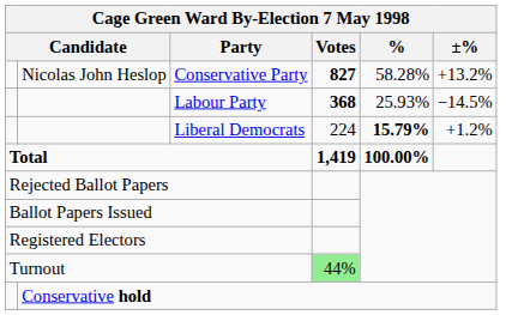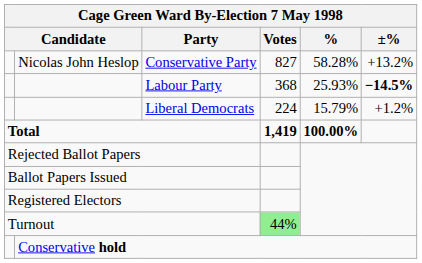 <table class="wikitable" border="1" style="text-align:right; font-size:100%">
 <tr>
 <th align=center colspan=6>Cage Green Ward By-Election 7 May 1998</th>
 </tr>
 <tr>
 <th align=left colspan=2>Candidate</th>
 <th align=left>Party</th>
 <th align=center>Votes</th>
 <th align=center>%</th>
 <th align=center>±%</th>
 </tr>
 <tr>
 <td bgcolor=> </td>
 <td align=left>Nicolas John Heslop</td>
 <td align=left><a href='#'>Conservative Party</a></td>
-<td><strong>827</strong></td>
+<td>827</td>
 <td>58.28%</td>
 <td>+13.2%</td>
 </tr>
 <tr>
 <td bgcolor=> </td>
 <td align=left></td>
 <td align=left><a href='#'>Labour Party</a></td>
-<td><strong>368</strong></td>
+<td>368</td>
 <td>25.93%</td>
-<td>−14.5%</td>
+<td><strong>−14.5%</strong></td>
 </tr>
 <tr>
 <td bgcolor=> </td>
 <td align=left></td>
 <td align=left><a href='#'>Liberal Democrats</a></td>
 <td>224</td>
-<td><strong>15.79%</strong></td>
+<td>15.79%</td>
 <td>+1.2%</td>
 </tr>
 <tr>
 <td align=left colspan=3><strong>Total</strong></td>
 <td><strong>1,419</strong></td>
 <td><strong>100.00%</strong></td>
 <td></td>
 </tr>
 <tr>
 <td align=left colspan=3>Rejected Ballot Papers</td>
 <td></td>
 <td rowspan=4 colspan=2></td>
 </tr>
 <tr>
 <td align=left colspan=3>Ballot Papers Issued</td>
 <td></td>
 </tr>
 <tr>
 <td align=left colspan=3>Registered Electors</td>
 <td></td>
 </tr>
 <tr>
 <td align=left colspan=3>Turnout</td>
 <td style="background: lightgreen;">44%</td>
 </tr>
 <tr>
 <td bgcolor=> </td>
 <td align=left colspan=6><a href='#'>Conservative</a> <strong>hold</strong></td>
 </tr>
 </table>
